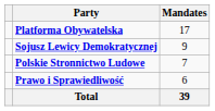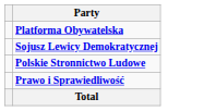 <table class="wikitable">
 <tr>
 <th width=5></th>
 <th>Party</th>
-<th>Mandates</th>
 </tr>
 <tr>
 <td style="background:"></td>
 <td><strong><a href='#'>Platforma Obywatelska</a></strong></td>
-<td align="center">17</td>
 </tr>
 <tr>
 <td style="background:"></td>
 <td><strong><a href='#'>Sojusz Lewicy Demokratycznej</a></strong></td>
-<td align="center">9</td>
 </tr>
 <tr>
 <td style="background:"></td>
 <td><strong><a href='#'>Polskie Stronnictwo Ludowe</a></strong></td>
-<td align="center">7</td>
 </tr>
 <tr>
 <td style="background:"></td>
 <td><strong><a href='#'>Prawo i Sprawiedliwość</a></strong></td>
-<td align="center">6</td>
 </tr>
 <tr bgcolor="#ececec">
 <th></th>
 <th>Total</th>
-<th align="center">39</th>
 </tr>
 </table>
